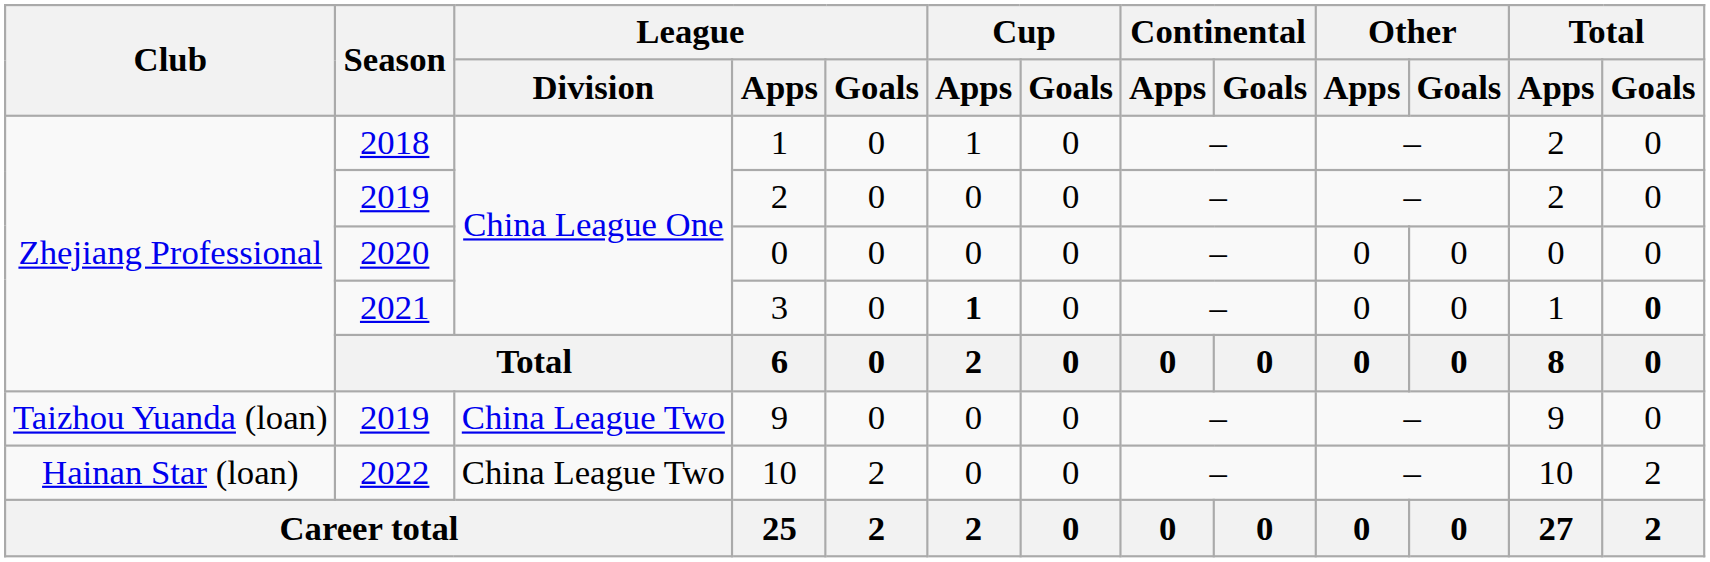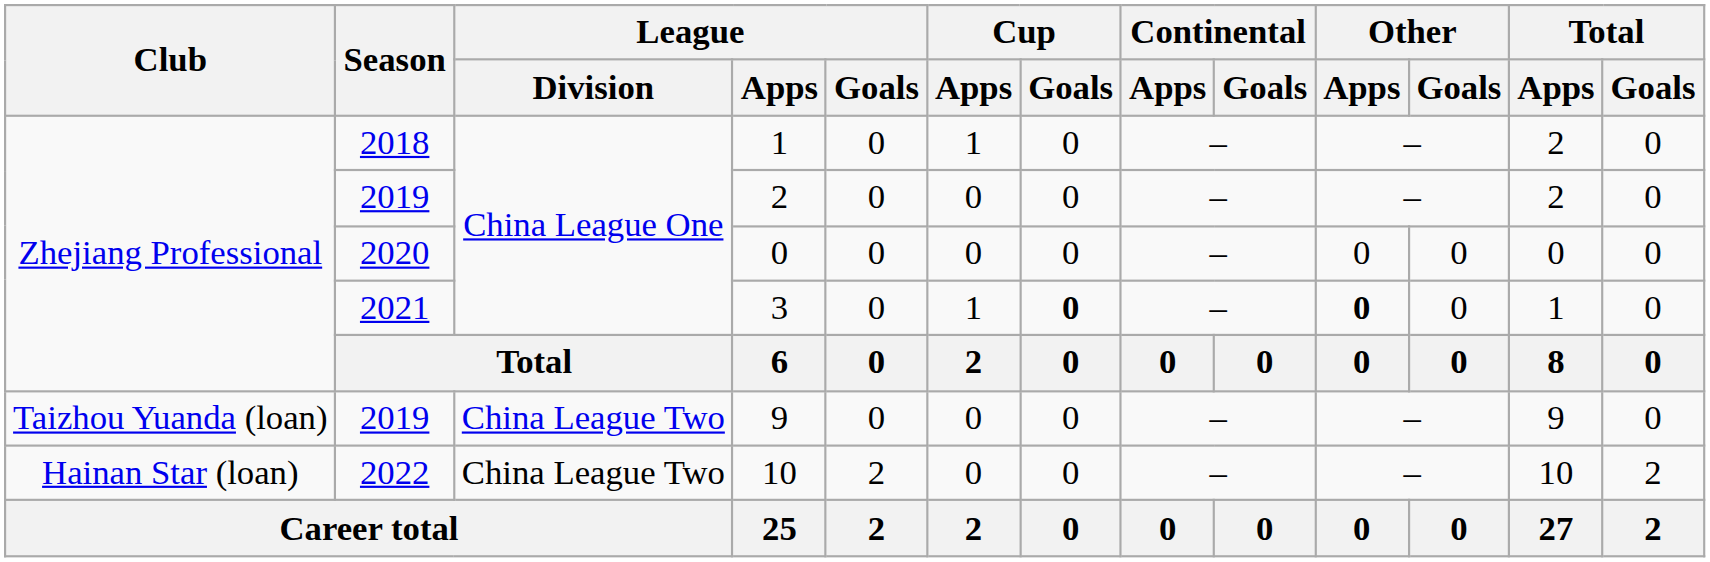 <table class="wikitable" style="text-align: center">
 <tr>
 <th rowspan="2">Club</th>
 <th rowspan="2">Season</th>
 <th colspan="3">League</th>
 <th colspan="2">Cup</th>
 <th colspan="2">Continental</th>
 <th colspan="2">Other</th>
 <th colspan="2">Total</th>
 </tr>
 <tr>
 <th>Division</th>
 <th>Apps</th>
 <th>Goals</th>
 <th>Apps</th>
 <th>Goals</th>
 <th>Apps</th>
 <th>Goals</th>
 <th>Apps</th>
 <th>Goals</th>
 <th>Apps</th>
 <th>Goals</th>
 </tr>
 <tr>
 <td rowspan="5"><a href='#'>Zhejiang Professional</a></td>
 <td><a href='#'>2018</a></td>
 <td rowspan="4"><a href='#'>China League One</a></td>
 <td>1</td>
 <td>0</td>
 <td>1</td>
 <td>0</td>
 <td colspan="2">–</td>
 <td colspan="2">–</td>
 <td>2</td>
 <td>0</td>
 </tr>
 <tr>
 <td><a href='#'>2019</a></td>
 <td>2</td>
 <td>0</td>
 <td>0</td>
 <td>0</td>
 <td colspan="2">–</td>
 <td colspan="2">–</td>
 <td>2</td>
 <td>0</td>
 </tr>
 <tr>
 <td><a href='#'>2020</a></td>
 <td>0</td>
 <td>0</td>
 <td>0</td>
 <td>0</td>
 <td colspan="2">–</td>
 <td>0</td>
 <td>0</td>
 <td>0</td>
 <td>0</td>
 </tr>
 <tr>
 <td><a href='#'>2021</a></td>
 <td>3</td>
 <td>0</td>
-<td><strong>1</strong></td>
-<td>0</td>
+<td>1</td>
+<td><strong>0</strong></td>
 <td colspan="2">–</td>
-<td>0</td>
+<td><strong>0</strong></td>
 <td>0</td>
 <td>1</td>
-<td><strong>0</strong></td>
+<td>0</td>
 </tr>
 <tr>
 <th colspan=2>Total</th>
 <th>6</th>
 <th>0</th>
 <th>2</th>
 <th>0</th>
 <th>0</th>
 <th>0</th>
 <th>0</th>
 <th>0</th>
 <th>8</th>
 <th>0</th>
 </tr>
 <tr>
 <td><a href='#'>Taizhou Yuanda</a> (loan)</td>
 <td><a href='#'>2019</a></td>
 <td><a href='#'>China League Two</a></td>
 <td>9</td>
 <td>0</td>
 <td>0</td>
 <td>0</td>
 <td colspan="2">–</td>
 <td colspan="2">–</td>
 <td>9</td>
 <td>0</td>
 </tr>
 <tr>
 <td><a href='#'>Hainan Star</a> (loan)</td>
 <td><a href='#'>2022</a></td>
 <td>China League Two</td>
 <td>10</td>
 <td>2</td>
 <td>0</td>
 <td>0</td>
 <td colspan="2">–</td>
 <td colspan="2">–</td>
 <td>10</td>
 <td>2</td>
 </tr>
 <tr>
 <th colspan=3>Career total</th>
 <th>25</th>
 <th>2</th>
 <th>2</th>
 <th>0</th>
 <th>0</th>
 <th>0</th>
 <th>0</th>
 <th>0</th>
 <th>27</th>
 <th>2</th>
 </tr>
 </table>
